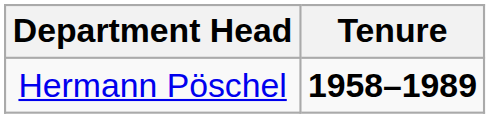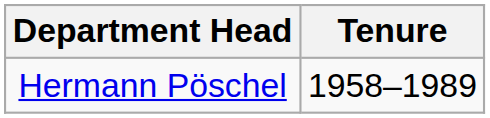 <table class="wikitable" style="text-align: center;">
 <tr>
 <th>Department Head</th>
 <th>Tenure</th>
 </tr>
 <tr>
 <td><a href='#'>Hermann Pöschel</a></td>
-<td><strong>1958–1989</strong></td>
+<td>1958–1989</td>
 </tr>
 </table>
